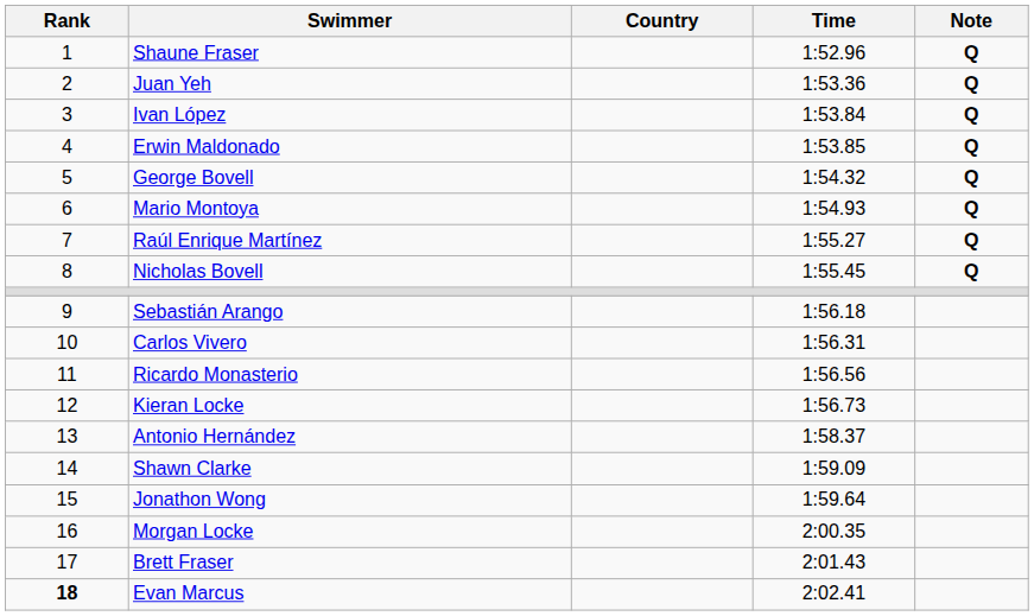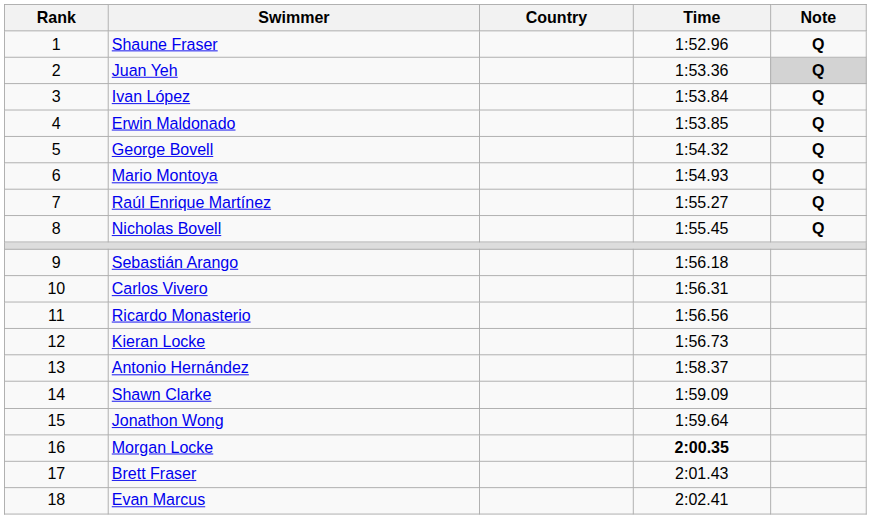 <table class="wikitable" style=" text-align:center; font-size:110%;" width="75%">
 <tr>
 <th>Rank</th>
 <th>Swimmer</th>
 <th>Country</th>
 <th>Time</th>
 <th>Note</th>
 </tr>
 <tr>
 <td>1</td>
 <td align=left><a href='#'>Shaune Fraser</a></td>
 <td align=left></td>
 <td>1:52.96</td>
 <td><strong>Q</strong></td>
 </tr>
 <tr>
 <td>2</td>
 <td align=left><a href='#'>Juan Yeh</a></td>
 <td align=left></td>
 <td>1:53.36</td>
-<td><strong>Q</strong></td>
+<td style="background: lightgrey;"><strong>Q</strong></td>
 </tr>
 <tr>
 <td>3</td>
 <td align=left><a href='#'>Ivan López</a></td>
 <td align=left></td>
 <td>1:53.84</td>
 <td><strong>Q</strong></td>
 </tr>
 <tr>
 <td>4</td>
 <td align=left><a href='#'>Erwin Maldonado</a></td>
 <td align=left></td>
 <td>1:53.85</td>
 <td><strong>Q</strong></td>
 </tr>
 <tr>
 <td>5</td>
 <td align=left><a href='#'>George Bovell</a></td>
 <td align=left></td>
 <td>1:54.32</td>
 <td><strong>Q</strong></td>
 </tr>
 <tr>
 <td>6</td>
 <td align=left><a href='#'>Mario Montoya</a></td>
 <td align=left></td>
 <td>1:54.93</td>
 <td><strong>Q</strong></td>
 </tr>
 <tr>
 <td>7</td>
 <td align=left><a href='#'>Raúl Enrique Martínez</a></td>
 <td align=left></td>
 <td>1:55.27</td>
 <td><strong>Q</strong></td>
 </tr>
 <tr>
 <td>8</td>
 <td align=left><a href='#'>Nicholas Bovell</a></td>
 <td align=left></td>
 <td>1:55.45</td>
 <td><strong>Q</strong></td>
 </tr>
 <tr bgcolor=#DDDDDD>
 <td colspan=5></td>
 </tr>
 <tr>
 <td>9</td>
 <td align=left><a href='#'>Sebastián Arango</a></td>
 <td align=left></td>
 <td>1:56.18</td>
 <td></td>
 </tr>
 <tr>
 <td>10</td>
 <td align=left><a href='#'>Carlos Vivero</a></td>
 <td align=left></td>
 <td>1:56.31</td>
 <td></td>
 </tr>
 <tr>
 <td>11</td>
 <td align=left><a href='#'>Ricardo Monasterio</a></td>
 <td align=left></td>
 <td>1:56.56</td>
 <td></td>
 </tr>
 <tr>
 <td>12</td>
 <td align=left><a href='#'>Kieran Locke</a></td>
 <td align=left></td>
 <td>1:56.73</td>
 <td></td>
 </tr>
 <tr>
 <td>13</td>
 <td align=left><a href='#'>Antonio Hernández</a></td>
 <td align=left></td>
 <td>1:58.37</td>
 <td></td>
 </tr>
 <tr>
 <td>14</td>
 <td align=left><a href='#'>Shawn Clarke</a></td>
 <td align=left></td>
 <td>1:59.09</td>
 <td></td>
 </tr>
 <tr>
 <td>15</td>
 <td align=left><a href='#'>Jonathon Wong</a></td>
 <td align=left></td>
 <td>1:59.64</td>
 <td></td>
 </tr>
 <tr>
 <td>16</td>
 <td align=left><a href='#'>Morgan Locke</a></td>
 <td align=left></td>
-<td>2:00.35</td>
+<td><strong>2:00.35</strong></td>
 <td></td>
 </tr>
 <tr>
 <td>17</td>
 <td align=left><a href='#'>Brett Fraser</a></td>
 <td align=left></td>
 <td>2:01.43</td>
 <td></td>
 </tr>
 <tr>
-<td><strong>18</strong></td>
+<td>18</td>
 <td align=left><a href='#'>Evan Marcus</a></td>
 <td align=left></td>
 <td>2:02.41</td>
 <td></td>
 </tr>
 </table>
